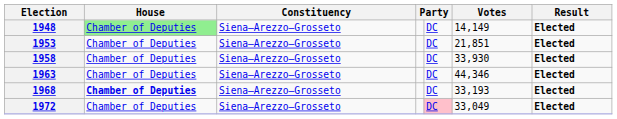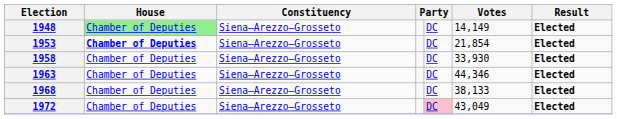 <table class=wikitable style="width:65%; border:1px #AAAAFF solid">
 <tr>
 <th width=12%>Election</th>
 <th width=20%>House</th>
 <th width=30%>Constituency</th>
 <th width=5% colspan="2">Party</th>
 <th width=12%>Votes</th>
 <th width=12%>Result</th>
 </tr>
 <tr>
 <th><a href='#'>1948</a></th>
 <td style="background: lightgreen;"><a href='#'>Chamber of Deputies</a></td>
 <td><a href='#'>Siena–Arezzo–Grosseto</a></td>
 <td></td>
 <td><a href='#'>DC</a></td>
 <td>14,149</td>
 <td> <strong>Elected</strong></td>
 </tr>
 <tr>
 <th><a href='#'>1953</a></th>
-<td><a href='#'>Chamber of Deputies</a></td>
+<td><strong><a href='#'>Chamber of Deputies</a></strong></td>
 <td><a href='#'>Siena–Arezzo–Grosseto</a></td>
 <td></td>
 <td><a href='#'>DC</a></td>
-<td>21,851</td>
+<td>21,854</td>
 <td> <strong>Elected</strong></td>
 </tr>
 <tr>
 <th><a href='#'>1958</a></th>
 <td><a href='#'>Chamber of Deputies</a></td>
 <td><a href='#'>Siena–Arezzo–Grosseto</a></td>
 <td></td>
 <td><a href='#'>DC</a></td>
 <td>33,930</td>
 <td> <strong>Elected</strong></td>
 </tr>
 <tr>
 <th><a href='#'>1963</a></th>
 <td><a href='#'>Chamber of Deputies</a></td>
 <td><a href='#'>Siena–Arezzo–Grosseto</a></td>
 <td></td>
 <td><a href='#'>DC</a></td>
 <td>44,346</td>
 <td> <strong>Elected</strong></td>
 </tr>
 <tr>
 <th><a href='#'>1968</a></th>
-<td><strong><a href='#'>Chamber of Deputies</a></strong></td>
+<td><a href='#'>Chamber of Deputies</a></td>
 <td><a href='#'>Siena–Arezzo–Grosseto</a></td>
 <td></td>
 <td><a href='#'>DC</a></td>
-<td>33,193</td>
+<td>38,133</td>
 <td> <strong>Elected</strong></td>
 </tr>
 <tr>
 <th><a href='#'>1972</a></th>
 <td><a href='#'>Chamber of Deputies</a></td>
 <td><a href='#'>Siena–Arezzo–Grosseto</a></td>
 <td></td>
 <td style="background: pink;"><a href='#'>DC</a></td>
-<td>33,049</td>
+<td>43,049</td>
 <td> <strong>Elected</strong></td>
 </tr>
 <tr>
 </tr>
 </table>
